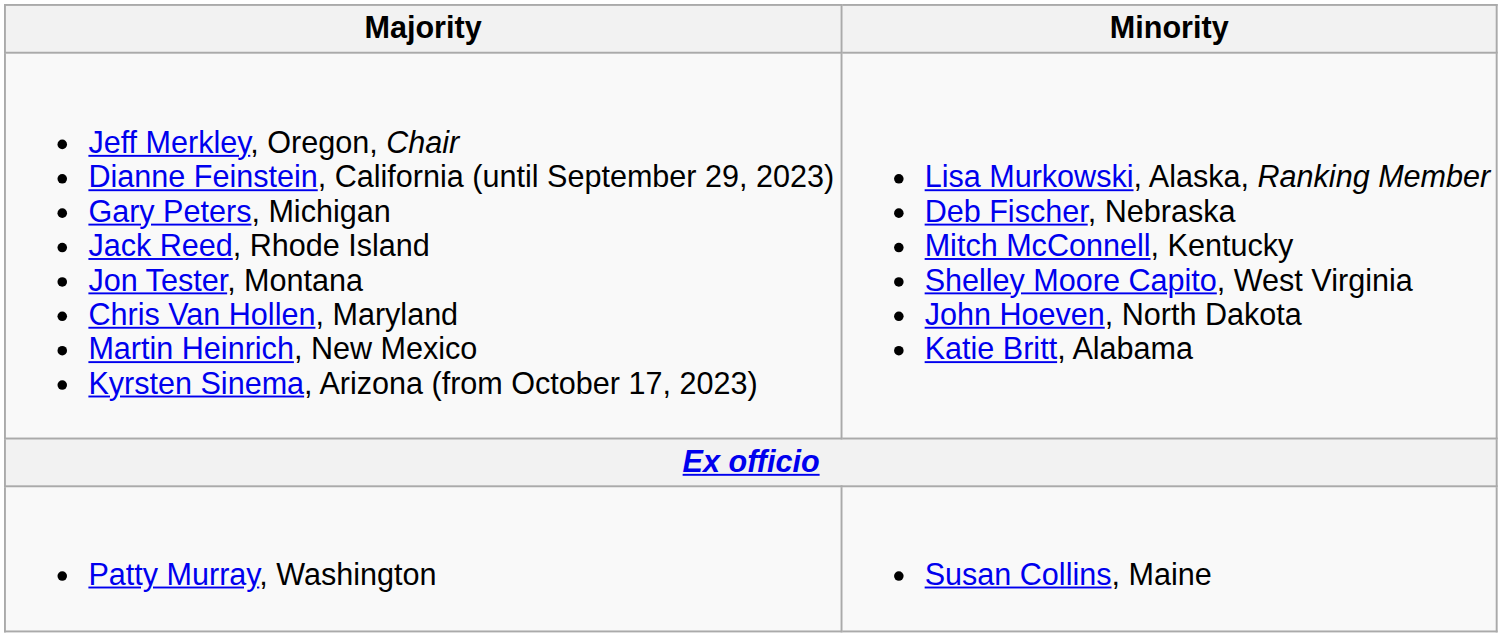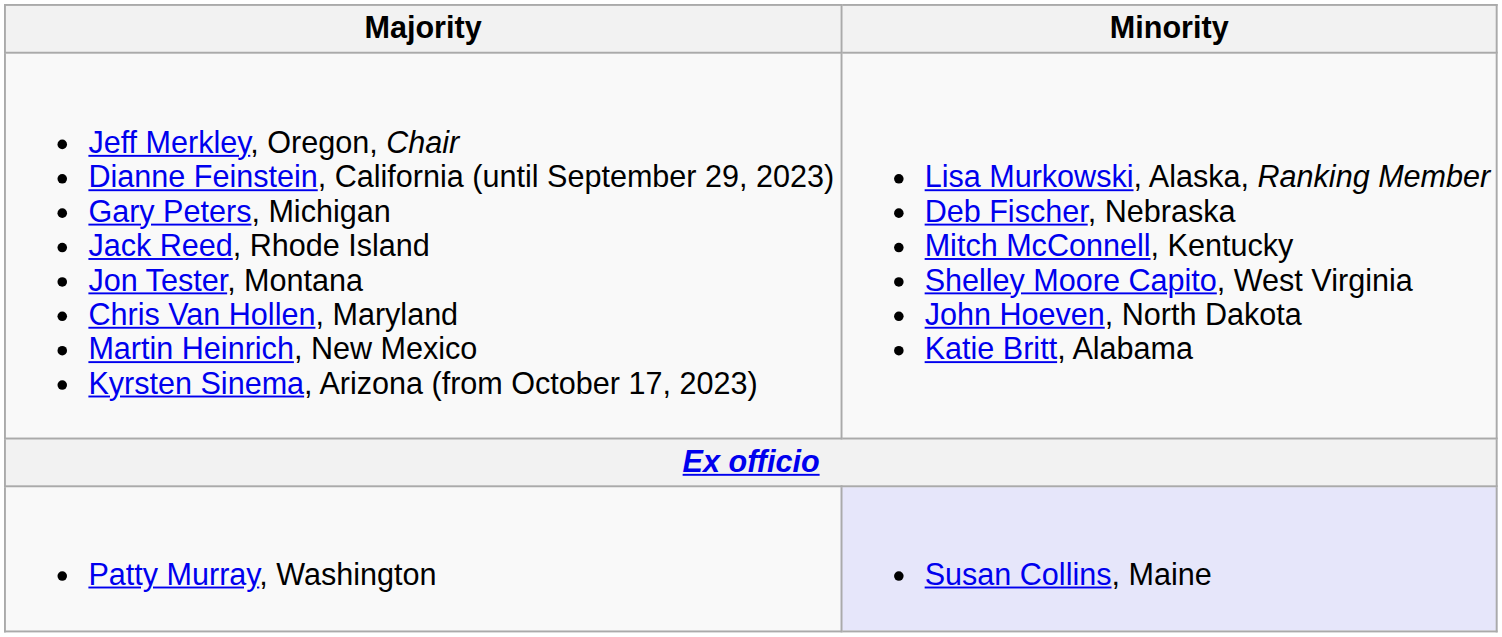 <table class=wikitable>
 <tr>
 <th>Majority</th>
 <th>Minority</th>
 </tr>
 <tr>
 <td><br><ul><li><a href='#'>Jeff Merkley</a>, Oregon, <em>Chair</em></li><li><a href='#'>Dianne Feinstein</a>, California (until September 29, 2023)</li><li><a href='#'>Gary Peters</a>, Michigan</li><li><a href='#'>Jack Reed</a>, Rhode Island</li><li><a href='#'>Jon Tester</a>, Montana</li><li><a href='#'>Chris Van Hollen</a>, Maryland</li><li><a href='#'>Martin Heinrich</a>, New Mexico</li><li><span><a href='#'>Kyrsten Sinema</a>, Arizona (from October 17, 2023)</span></li></ul></td>
 <td><br><ul><li><a href='#'>Lisa Murkowski</a>, Alaska, <em>Ranking Member</em></li><li><a href='#'>Deb Fischer</a>, Nebraska</li><li><a href='#'>Mitch McConnell</a>, Kentucky</li><li><a href='#'>Shelley Moore Capito</a>, West Virginia</li><li><a href='#'>John Hoeven</a>, North Dakota</li><li><a href='#'>Katie Britt</a>, Alabama</li></ul></td>
 </tr>
 <tr>
 <th colspan=2><em><a href='#'>Ex officio</a></em></th>
 </tr>
 <tr>
 <td><br><ul><li><a href='#'>Patty Murray</a>, Washington</li></ul></td>
-<td><br><ul><li><a href='#'>Susan Collins</a>, Maine</li></ul></td>
+<td style="background: lavender;"><br><ul><li><a href='#'>Susan Collins</a>, Maine</li></ul></td>
 </tr>
 </table>
